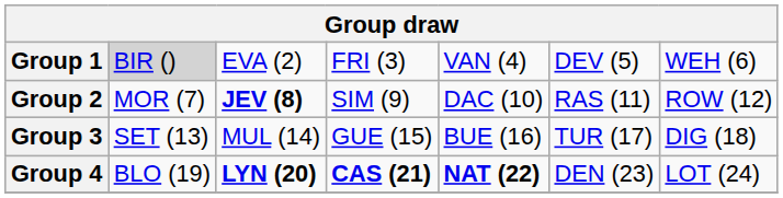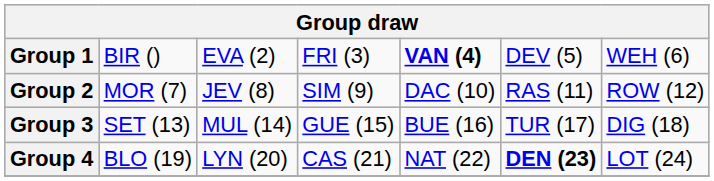 <table class="wikitable" style="text-align:center; font-size:85%">
 <tr>
 <th colspan="7">Group draw</th>
 </tr>
 <tr>
 <th>Group 1</th>
-<td align="left" style="background: lightgrey;"> <a href='#'>BIR</a> ()</td>
+<td align="left"> <a href='#'>BIR</a> ()</td>
 <td align="left"> <a href='#'>EVA</a> (2)</td>
 <td align="left"> <a href='#'>FRI</a> (3)</td>
-<td align="left"> <a href='#'>VAN</a> (4)</td>
+<td align="left"><strong> <a href='#'>VAN</a> (4)</strong></td>
 <td align="left"> <a href='#'>DEV</a> (5)</td>
 <td align="left"> <a href='#'>WEH</a> (6)</td>
 </tr>
 <tr>
 <th>Group 2</th>
 <td align="left"> <a href='#'>MOR</a> (7)</td>
-<td align="left"><strong> <a href='#'>JEV</a> (8)</strong></td>
+<td align="left"> <a href='#'>JEV</a> (8)</td>
 <td align="left"> <a href='#'>SIM</a> (9)</td>
 <td align="left"> <a href='#'>DAC</a> (10)</td>
 <td align="left"> <a href='#'>RAS</a> (11)</td>
 <td align="left"> <a href='#'>ROW</a> (12)</td>
 </tr>
 <tr>
 <th>Group 3</th>
 <td align="left"> <a href='#'>SET</a> (13)</td>
 <td align="left"> <a href='#'>MUL</a> (14)</td>
 <td align="left"> <a href='#'>GUE</a> (15)</td>
 <td align="left"> <a href='#'>BUE</a> (16)</td>
 <td align="left"> <a href='#'>TUR</a> (17)</td>
 <td align="left"> <a href='#'>DIG</a> (18)</td>
 </tr>
 <tr>
 <th>Group 4</th>
 <td align="left"> <a href='#'>BLO</a> (19)</td>
-<td align="left"><strong> <a href='#'>LYN</a> (20)</strong></td>
-<td align="left"><strong> <a href='#'>CAS</a> (21)</strong></td>
-<td align="left"><strong> <a href='#'>NAT</a> (22)</strong></td>
-<td align="left"> <a href='#'>DEN</a> (23)</td>
+<td align="left"> <a href='#'>LYN</a> (20)</td>
+<td align="left"> <a href='#'>CAS</a> (21)</td>
+<td align="left"> <a href='#'>NAT</a> (22)</td>
+<td align="left"><strong> <a href='#'>DEN</a> (23)</strong></td>
 <td align="left"> <a href='#'>LOT</a> (24)</td>
 </tr>
 <tr>
 </tr>
 </table>
